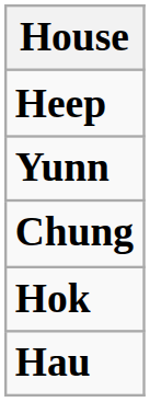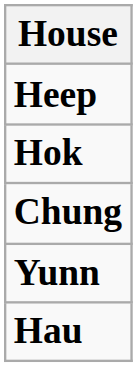 <table class="wikitable">
 <tr>
 <th width=0%>House</th>
 </tr>
 <tr>
 <td><span><strong>Heep</strong> </span></td>
 </tr>
 <tr>
-<td><span><strong>Yunn</strong> </span></td>
+<td><span><strong>Hok</strong> </span></td>
 </tr>
 <tr>
 <td><span><strong>Chung</strong> </span></td>
 </tr>
 <tr>
-<td><span><strong>Hok</strong> </span></td>
+<td><span><strong>Yunn</strong> </span></td>
 </tr>
 <tr>
 <td><span><strong>Hau</strong></span></td>
 </tr>
 </table>
